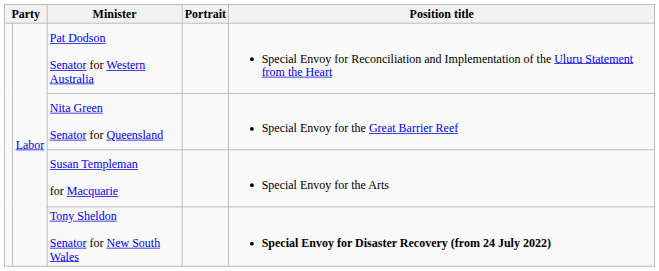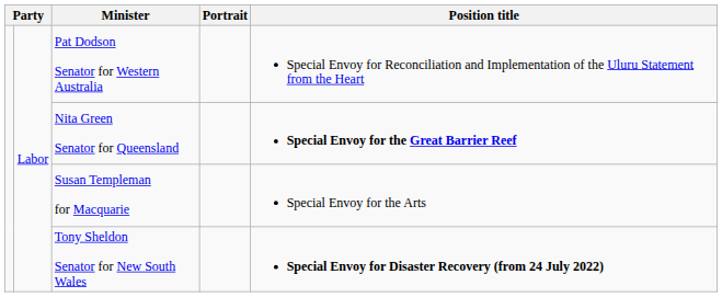 <table class="wikitable sortable">
 <tr>
 <th colspan="2">Party</th>
 <th>Minister</th>
 <th>Portrait</th>
 <th>Position title</th>
 </tr>
 <tr>
 <td rowspan="4" > </td>
 <td rowspan=4><a href='#'>Labor</a></td>
 <td><a href='#'>Pat Dodson</a> <br><br><a href='#'>Senator</a> for <a href='#'>Western Australia</a><br></td>
 <td></td>
 <td><br><ul><li>Special Envoy for Reconciliation and Implementation of the <a href='#'>Uluru Statement from the Heart</a> </li></ul></td>
 </tr>
 <tr>
 <td><a href='#'>Nita Green</a> <br><br><a href='#'>Senator</a> for <a href='#'>Queensland</a><br></td>
 <td></td>
-<td><br><ul><li>Special Envoy for the <a href='#'>Great Barrier Reef</a></li></ul></td>
+<td><strong><br><ul><li>Special Envoy for the <a href='#'>Great Barrier Reef</a></li></ul></strong></td>
 </tr>
 <tr>
 <td><a href='#'>Susan Templeman</a><br><br> for <a href='#'>Macquarie</a><br></td>
 <td></td>
 <td><br><ul><li>Special Envoy for the Arts</li></ul></td>
 </tr>
 <tr>
 <td><a href='#'>Tony Sheldon</a> <br><br><a href='#'>Senator</a> for <a href='#'>New South Wales</a><br></td>
 <td></td>
 <td><strong><br><ul><li>Special Envoy for Disaster Recovery (from 24 July 2022)</li></ul></strong></td>
 </tr>
 </table>
